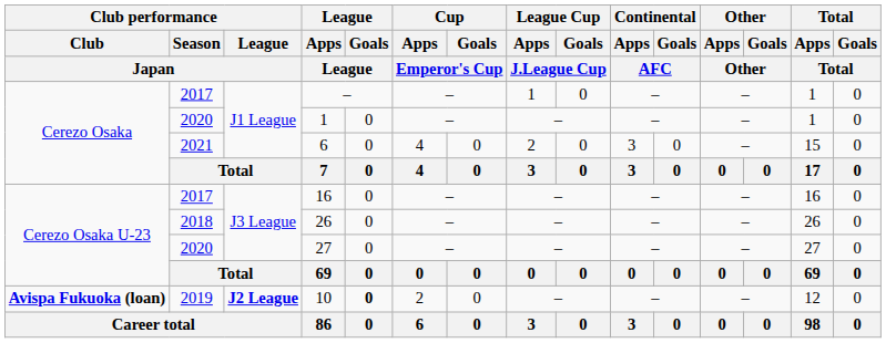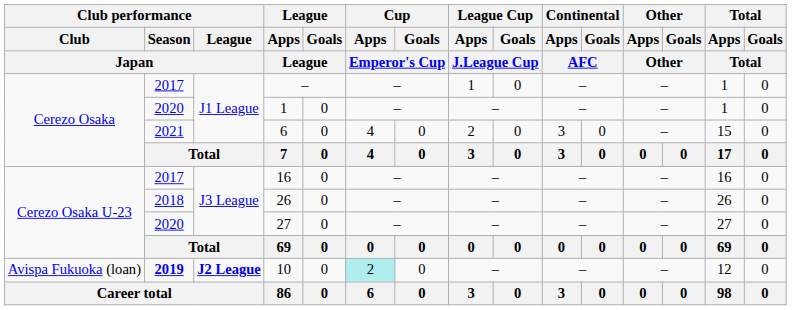 <table class="wikitable" style="text-align:center;">
 <tr>
 <th colspan=3>Club performance</th>
 <th colspan=2>League</th>
 <th colspan=2>Cup</th>
 <th colspan=2>League Cup</th>
 <th colspan=2>Continental</th>
 <th colspan=2>Other</th>
 <th colspan=2>Total</th>
 </tr>
 <tr>
 <th>Club</th>
 <th>Season</th>
 <th>League</th>
 <th>Apps</th>
 <th>Goals</th>
 <th>Apps</th>
 <th>Goals</th>
 <th>Apps</th>
 <th>Goals</th>
 <th>Apps</th>
 <th>Goals</th>
 <th>Apps</th>
 <th>Goals</th>
 <th>Apps</th>
 <th>Goals</th>
 </tr>
 <tr>
 <th colspan=3>Japan</th>
 <th colspan=2>League</th>
 <th colspan=2><a href='#'>Emperor's Cup</a></th>
 <th colspan=2><a href='#'>J.League Cup</a></th>
 <th colspan=2><a href='#'>AFC</a></th>
 <th colspan=2>Other</th>
 <th colspan=2>Total</th>
 </tr>
 <tr>
 <td rowspan="4"><a href='#'>Cerezo Osaka</a></td>
 <td><a href='#'>2017</a></td>
 <td rowspan="3"><a href='#'>J1 League</a></td>
 <td colspan="2">–</td>
 <td colspan="2">–</td>
 <td>1</td>
 <td>0</td>
 <td colspan="2">–</td>
 <td colspan="2">–</td>
 <td>1</td>
 <td>0</td>
 </tr>
 <tr>
 <td><a href='#'>2020</a></td>
 <td>1</td>
 <td>0</td>
 <td colspan="2">–</td>
 <td colspan="2">–</td>
 <td colspan="2">–</td>
 <td colspan="2">–</td>
 <td>1</td>
 <td>0</td>
 </tr>
 <tr>
 <td><a href='#'>2021</a></td>
 <td>6</td>
 <td>0</td>
 <td>4</td>
 <td>0</td>
 <td>2</td>
 <td>0</td>
 <td>3</td>
 <td>0</td>
 <td colspan="2">–</td>
 <td>15</td>
 <td>0</td>
 </tr>
 <tr>
 <th colspan="2">Total</th>
 <th>7</th>
 <th>0</th>
 <th>4</th>
 <th>0</th>
 <th>3</th>
 <th>0</th>
 <th>3</th>
 <th>0</th>
 <th>0</th>
 <th>0</th>
 <th>17</th>
 <th>0</th>
 </tr>
 <tr>
 <td rowspan="4"><a href='#'>Cerezo Osaka U-23</a></td>
 <td><a href='#'>2017</a></td>
 <td rowspan="3"><a href='#'>J3 League</a></td>
 <td>16</td>
 <td>0</td>
 <td colspan="2">–</td>
 <td colspan="2">–</td>
 <td colspan="2">–</td>
 <td colspan="2">–</td>
 <td>16</td>
 <td>0</td>
 </tr>
 <tr>
 <td><a href='#'>2018</a></td>
 <td>26</td>
 <td>0</td>
 <td colspan="2">–</td>
 <td colspan="2">–</td>
 <td colspan="2">–</td>
 <td colspan="2">–</td>
 <td>26</td>
 <td>0</td>
 </tr>
 <tr>
 <td><a href='#'>2020</a></td>
 <td>27</td>
 <td>0</td>
 <td colspan="2">–</td>
 <td colspan="2">–</td>
 <td colspan="2">–</td>
 <td colspan="2">–</td>
 <td>27</td>
 <td>0</td>
 </tr>
 <tr>
 <th colspan="2">Total</th>
 <th>69</th>
 <th>0</th>
 <th>0</th>
 <th>0</th>
 <th>0</th>
 <th>0</th>
 <th>0</th>
 <th>0</th>
 <th>0</th>
 <th>0</th>
 <th>69</th>
 <th>0</th>
 </tr>
 <tr>
-<td><strong><a href='#'>Avispa Fukuoka</a> (loan)</strong></td>
-<td><a href='#'>2019</a></td>
+<td><a href='#'>Avispa Fukuoka</a> (loan)</td>
+<td><strong><a href='#'>2019</a></strong></td>
 <td><strong><a href='#'>J2 League</a></strong></td>
 <td>10</td>
-<td><strong>0</strong></td>
-<td>2</td>
+<td>0</td>
+<td style="background: paleturquoise;">2</td>
 <td>0</td>
 <td colspan="2">–</td>
 <td colspan="2">–</td>
 <td colspan="2">–</td>
 <td>12</td>
 <td>0</td>
 </tr>
 <tr>
 <th colspan=3>Career total</th>
 <th>86</th>
 <th>0</th>
 <th>6</th>
 <th>0</th>
 <th>3</th>
 <th>0</th>
 <th>3</th>
 <th>0</th>
 <th>0</th>
 <th>0</th>
 <th>98</th>
 <th>0</th>
 </tr>
 </table>
